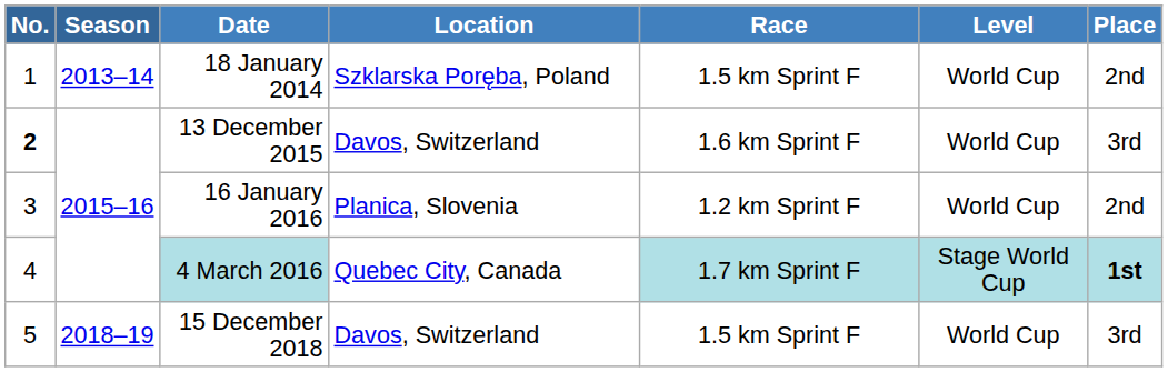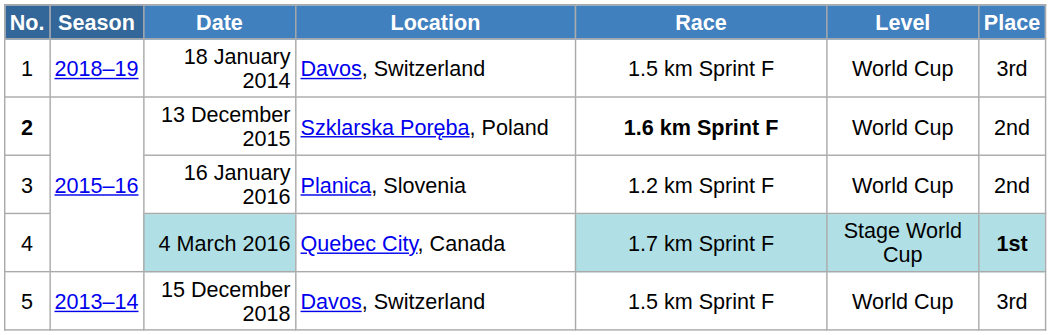 <table class="wikitable sortable" style="font-size:95%; text-align:center; border:grey solid 1px; border-collapse:collapse; background:#ffffff;">
 <tr style="background:#efefef;">
 <th style="background-color:#369; color:white;">No.</th>
 <th style="background-color:#369; color:white;">Season</th>
 <th style="background-color:#4180be; color:white; width:100px;">Date</th>
 <th style="background-color:#4180be; color:white; width:190px;">Location</th>
 <th style="background-color:#4180be; color:white; width:170px;">Race</th>
 <th style="background-color:#4180be; color:white; width:100px;">Level</th>
 <th style="background-color:#4180be; color:white;">Place</th>
 </tr>
 <tr>
 <td align=center>1</td>
-<td rowspan=1 align=center><a href='#'>2013–14</a></td>
+<td rowspan=1 align=center><a href='#'>2018–19</a></td>
 <td align=right>18 January 2014</td>
-<td align=left> <a href='#'>Szklarska Poręba</a>, Poland</td>
+<td align=left> <a href='#'>Davos</a>, Switzerland</td>
 <td>1.5 km Sprint F</td>
 <td>World Cup</td>
-<td>2nd</td>
+<td>3rd</td>
 </tr>
 <tr>
 <td align=center><strong>2</strong></td>
 <td rowspan=3 align=center><a href='#'>2015–16</a></td>
 <td align=right>13 December 2015</td>
-<td align=left> <a href='#'>Davos</a>, Switzerland</td>
-<td>1.6 km Sprint F</td>
+<td align=left> <a href='#'>Szklarska Poręba</a>, Poland</td>
+<td><strong>1.6 km Sprint F</strong></td>
 <td>World Cup</td>
-<td>3rd</td>
+<td>2nd</td>
 </tr>
 <tr>
 <td align=center>3</td>
 <td align=right>16 January 2016</td>
 <td align=left> <a href='#'>Planica</a>, Slovenia</td>
 <td>1.2 km Sprint F</td>
 <td>World Cup</td>
 <td>2nd</td>
 </tr>
 <tr>
 <td align=center>4</td>
 <td bgcolor="#BOEOE6" align=right>4 March 2016</td>
 <td align=left> <a href='#'>Quebec City</a>, Canada</td>
 <td bgcolor="#BOEOE6" align=center>1.7 km Sprint F</td>
 <td bgcolor="#BOEOE6">Stage World Cup</td>
 <td bgcolor="#BOEOE6"><strong>1st</strong></td>
 </tr>
 <tr>
 <td align=center>5</td>
-<td rowspan=1 align=center><a href='#'>2018–19</a></td>
+<td rowspan=1 align=center><a href='#'>2013–14</a></td>
 <td align=right>15 December 2018</td>
 <td align=left> <a href='#'>Davos</a>, Switzerland</td>
 <td>1.5 km Sprint F</td>
 <td>World Cup</td>
 <td>3rd</td>
 </tr>
 </table>
